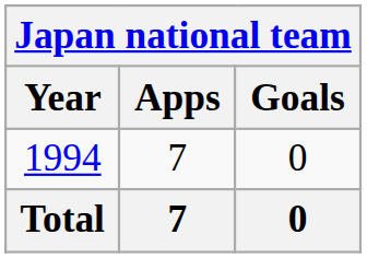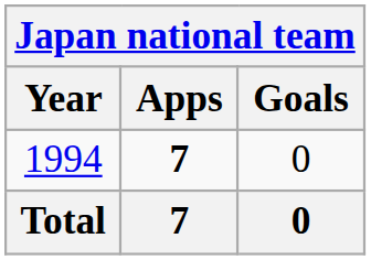 <table class="wikitable" style="text-align:center">
 <tr>
 <th colspan=3><a href='#'>Japan national team</a></th>
 </tr>
 <tr>
 <th>Year</th>
 <th>Apps</th>
 <th>Goals</th>
 </tr>
 <tr>
 <td><a href='#'>1994</a></td>
-<td>7</td>
+<td><strong>7</strong></td>
 <td>0</td>
 </tr>
 <tr>
 <th>Total</th>
 <th>7</th>
 <th>0</th>
 </tr>
 </table>
